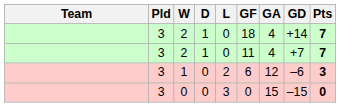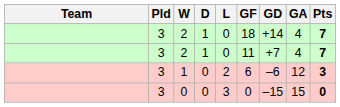 <table class="wikitable" style="text-align:center;">
 <tr>
 <th width=180>Team</th>
 <th width=20>Pld</th>
 <th width=20>W</th>
 <th width=20>D</th>
 <th width=20>L</th>
 <th width=20>GF</th>
+<th width=20>GD</th>
 <th width=20>GA</th>
-<th width=20>GD</th>
 <th width=20>Pts</th>
 </tr>
 <tr bgcolor=#ccffcc>
 <td align="left"><em></em></td>
 <td>3</td>
 <td>2</td>
 <td>1</td>
 <td>0</td>
 <td>18</td>
+<td>+14</td>
 <td>4</td>
-<td>+14</td>
 <td><strong>7</strong></td>
 </tr>
 <tr bgcolor=#ccffcc>
 <td align="left"></td>
 <td>3</td>
 <td>2</td>
 <td>1</td>
 <td>0</td>
 <td>11</td>
+<td>+7</td>
 <td>4</td>
-<td>+7</td>
 <td><strong>7</strong></td>
 </tr>
 <tr bgcolor=#ffcccc>
 <td align="left"></td>
 <td>3</td>
 <td>1</td>
 <td>0</td>
 <td>2</td>
 <td>6</td>
+<td>–6</td>
 <td>12</td>
-<td>–6</td>
 <td><strong>3</strong></td>
 </tr>
 <tr bgcolor=#ffcccc>
 <td align="left"></td>
 <td>3</td>
 <td>0</td>
 <td>0</td>
 <td>3</td>
 <td>0</td>
+<td>–15</td>
 <td>15</td>
-<td>–15</td>
 <td><strong>0</strong></td>
 </tr>
 </table>
